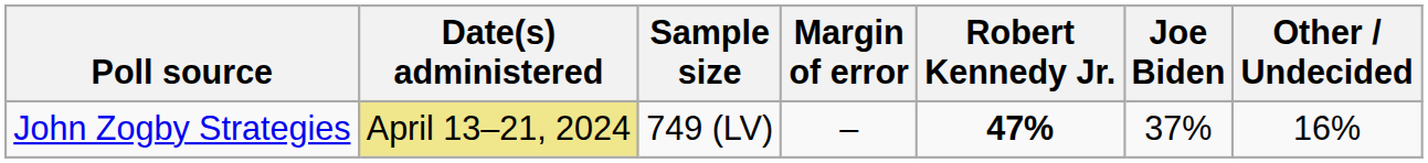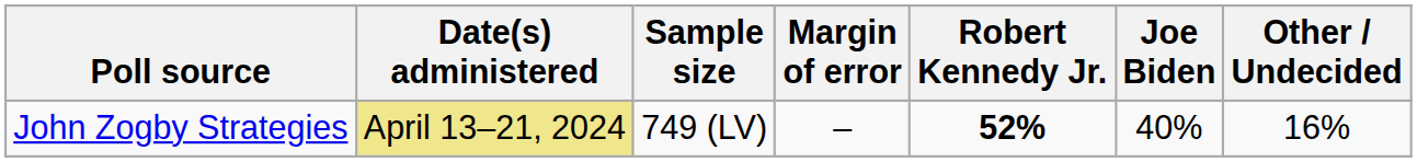 <table class="wikitable sortable mw-datatable" style="font-size:90%;text-align:center;line-height:17px">
 <tr valign=bottom>
 <th>Poll source</th>
 <th>Date(s)<br>administered</th>
 <th>Sample<br>size</th>
 <th>Margin<br>of error</th>
 <th class="unsortable">Robert<br>Kennedy Jr.<br></th>
 <th class="unsortable">Joe<br>Biden<br></th>
 <th class="unsortable">Other /<br>Undecided</th>
 </tr>
 <tr>
 <td style="text-align:left;"><a href='#'>John Zogby Strategies</a></td>
 <td data-sort-value="2024-05-01" style="background: khaki;">April 13–21, 2024</td>
 <td>749 (LV)</td>
 <td>–</td>
-<td style="background-color:"><strong>47%</strong></td>
-<td>37%</td>
+<td style="background-color:"><strong>52%</strong></td>
+<td>40%</td>
 <td>16%</td>
 </tr>
 </table>
